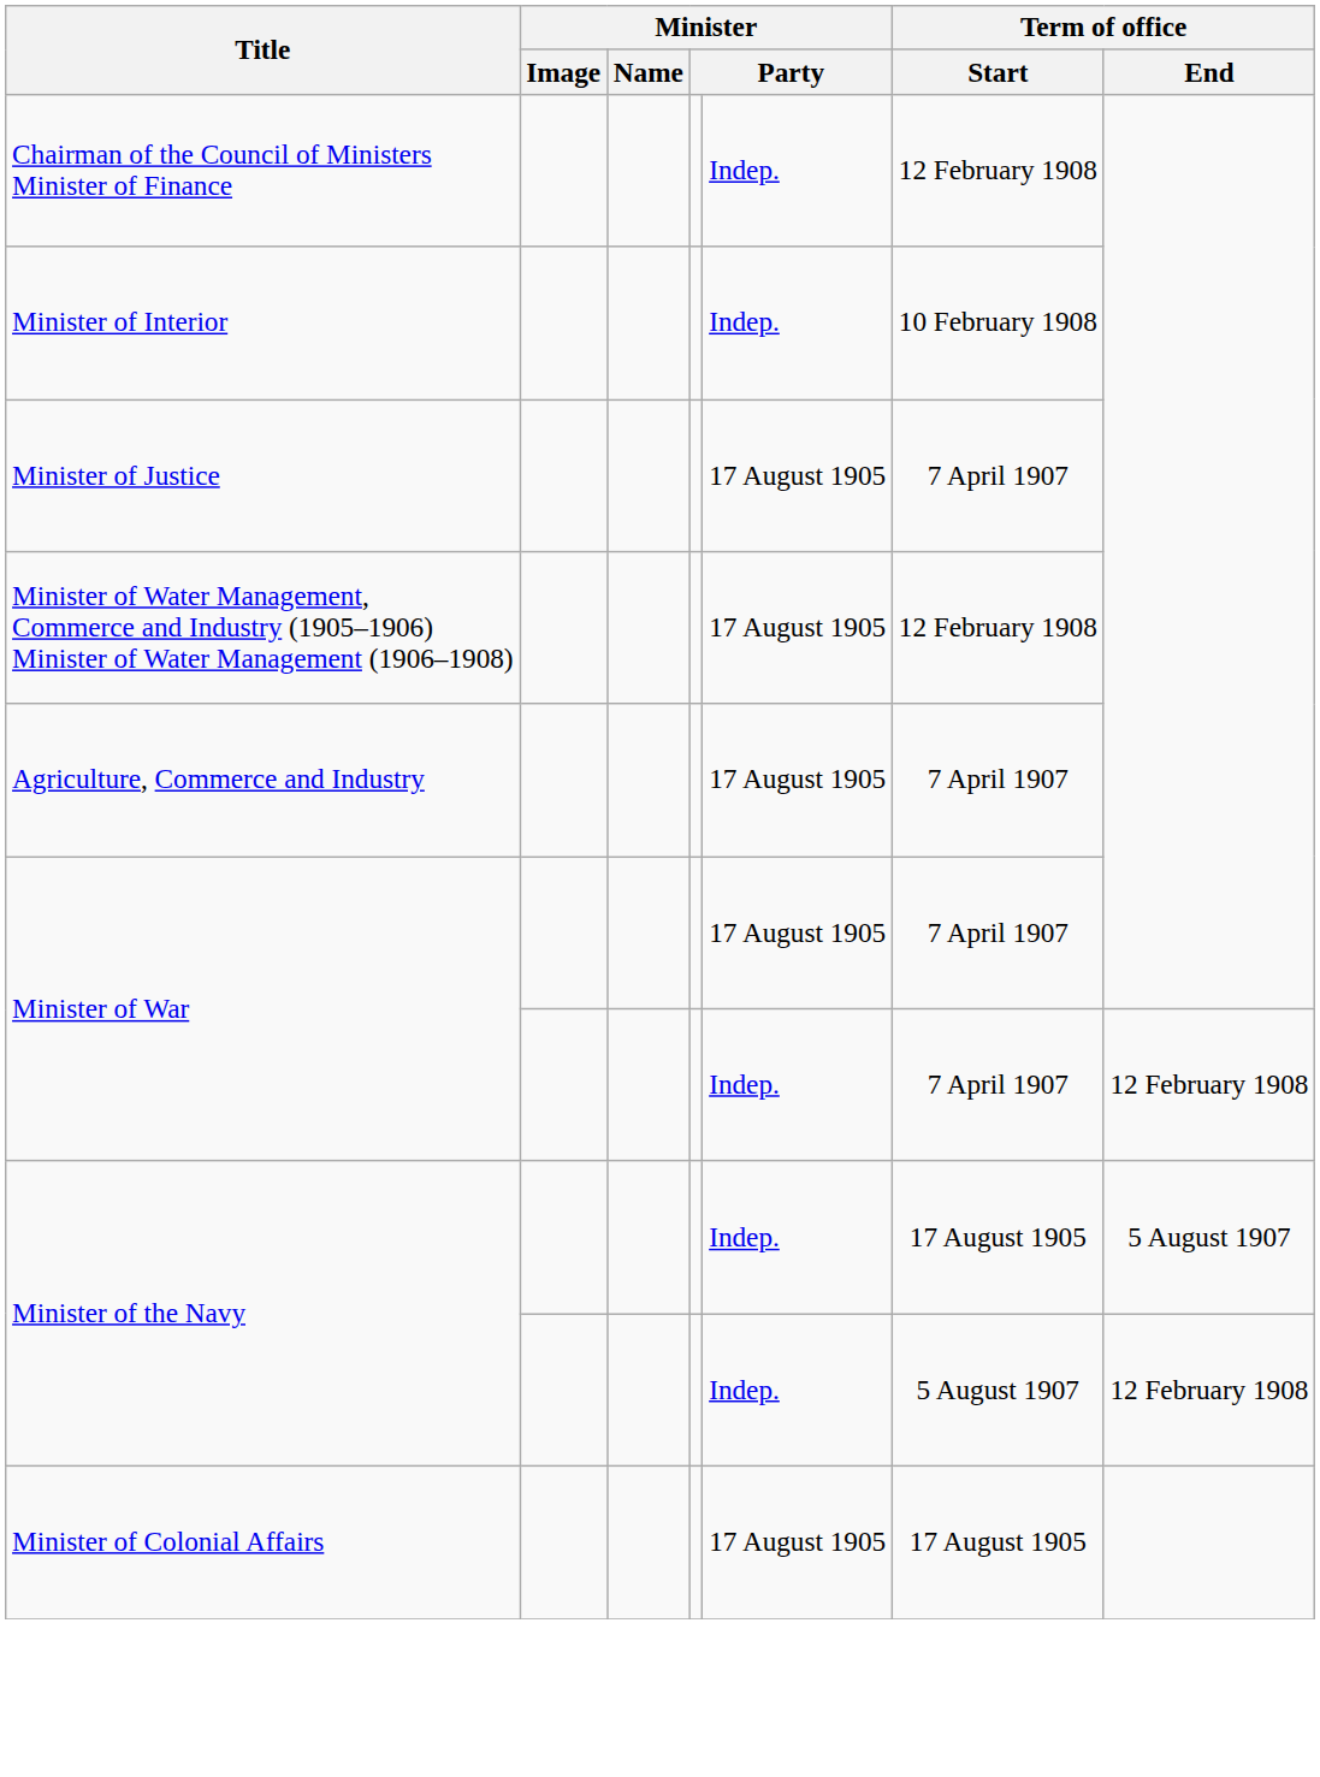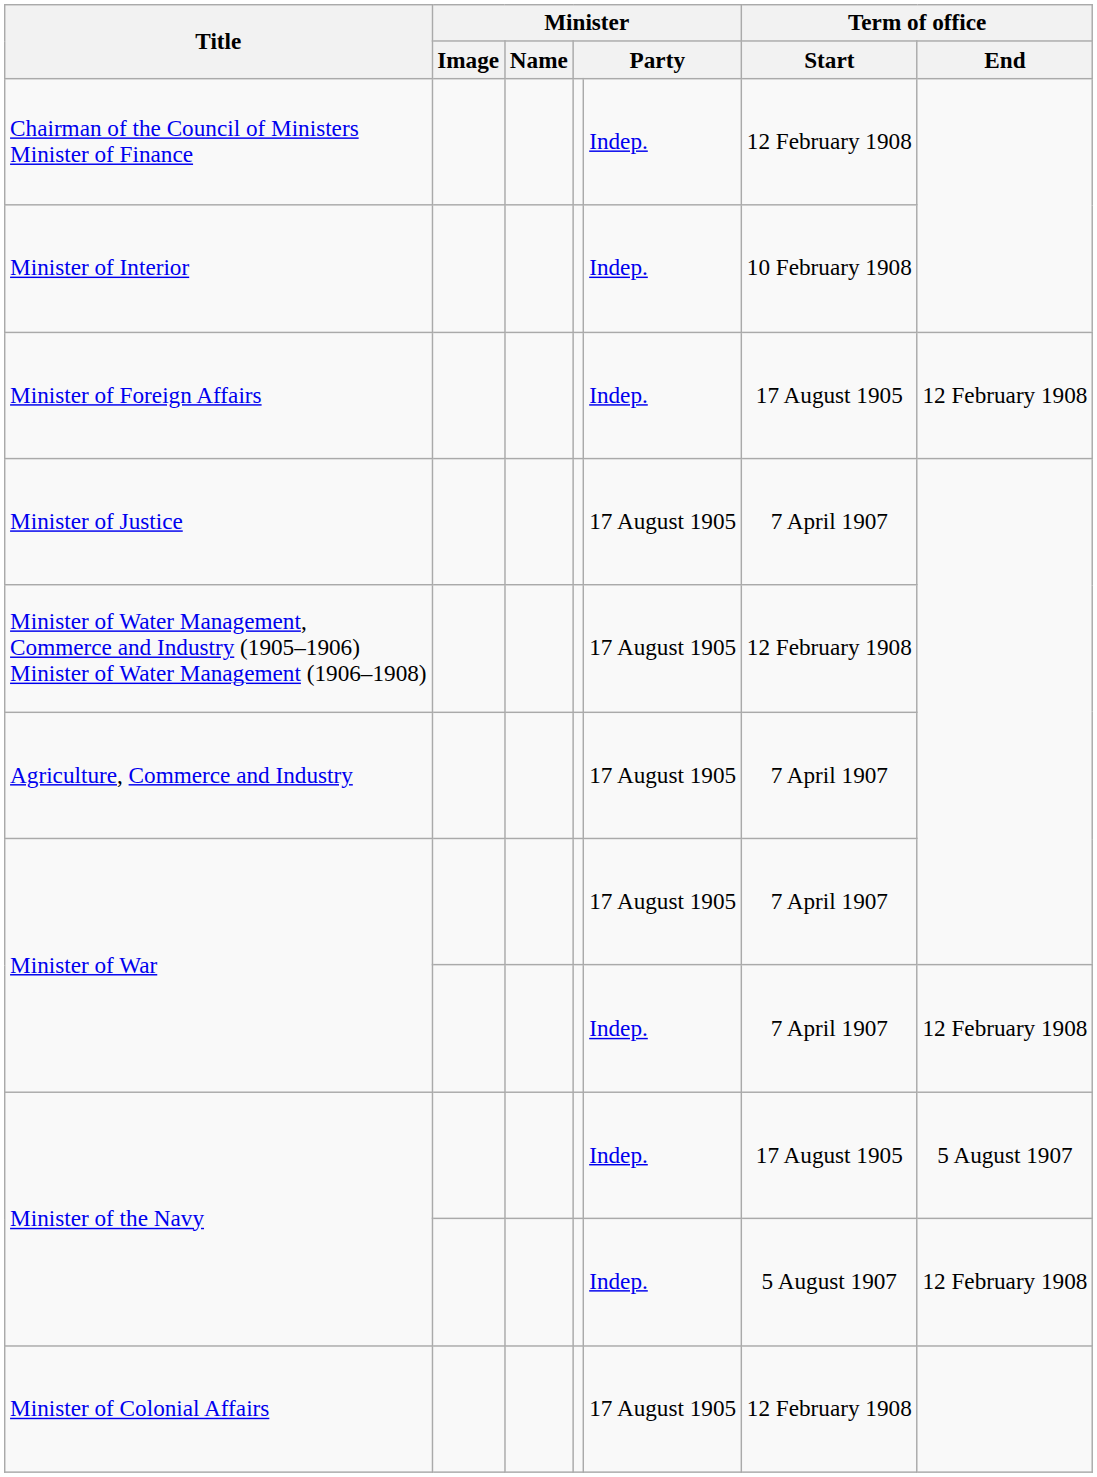 <table class="wikitable sortable" style="text-align:left">
 <tr>
 <th rowspan="2">Title</th>
 <th colspan="4">Minister</th>
 <th colspan="2">Term of office</th>
 </tr>
 <tr>
 <th class="unsortable">Image</th>
 <th>Name</th>
 <th colspan="2">Party</th>
 <th data-sort-type="date">Start</th>
 <th data-sort-type=date>End</th>
 </tr>
 <tr>
 <td><a href='#'>Chairman of the Council of Ministers</a> <br> <a href='#'>Minister of Finance</a></td>
 <td height="80px"></td>
 <td></td>
 <td></td>
 <td><a href='#'>Indep.</a></td>
 <td style="text-align:center">12 February 1908</td>
 </tr>
 <tr>
 <td><a href='#'>Minister of Interior</a></td>
 <td height="80px"></td>
 <td></td>
 <td></td>
 <td><a href='#'>Indep.</a></td>
 <td style="text-align:center">10 February 1908</td>
+</tr>
+<tr>
+<td><a href='#'>Minister of Foreign Affairs</a></td>
+<td height="80px"></td>
+<td></td>
+<td style="background:"></td>
+<td><a href='#'>Indep.</a></td>
+<td style="text-align:center">17 August 1905</td>
+<td style="text-align:center">12 February 1908</td>
 </tr>
 <tr>
 <td><a href='#'>Minister of Justice</a></td>
 <td height="80px"></td>
 <td></td>
 <td></td>
 <td style="text-align:center">17 August 1905</td>
 <td style="text-align:center">7 April 1907</td>
 </tr>
 <tr>
 <td><a href='#'>Minister of Water Management</a>, <br> <a href='#'>Commerce and Industry</a> (1905–1906) <br> <a href='#'>Minister of Water Management</a> (1906–1908)</td>
 <td height="80px"></td>
 <td></td>
 <td></td>
 <td style="text-align:center">17 August 1905</td>
 <td style="text-align:center">12 February 1908</td>
 </tr>
 <tr>
 <td><a href='#'>Agriculture</a>, <a href='#'>Commerce and Industry</a></td>
 <td height="80px"></td>
 <td></td>
 <td></td>
 <td style="text-align:center">17 August 1905</td>
 <td style="text-align:center">7 April 1907</td>
 </tr>
 <tr>
 <td rowspan=2><a href='#'>Minister of War</a></td>
 <td height="80px"></td>
 <td></td>
 <td></td>
 <td style="text-align:center">17 August 1905</td>
 <td style="text-align:center">7 April 1907</td>
 </tr>
 <tr>
 <td height="80px"></td>
 <td></td>
 <td style="background:"></td>
 <td><a href='#'>Indep.</a></td>
 <td style="text-align:center">7 April 1907</td>
 <td style="text-align:center">12 February 1908</td>
 </tr>
 <tr>
 <td rowspan=2><a href='#'>Minister of the Navy</a></td>
 <td height="80px"></td>
 <td></td>
 <td style="background:"></td>
 <td><a href='#'>Indep.</a></td>
 <td style="text-align:center">17 August 1905</td>
 <td style="text-align:center">5 August 1907</td>
 </tr>
 <tr>
 <td height="80px"></td>
 <td></td>
 <td style="background:"></td>
 <td><a href='#'>Indep.</a></td>
 <td style="text-align:center">5 August 1907</td>
 <td style="text-align:center">12 February 1908</td>
 </tr>
 <tr>
 <td><a href='#'>Minister of Colonial Affairs</a></td>
 <td height="80px"></td>
 <td></td>
 <td></td>
 <td style="text-align:center">17 August 1905</td>
-<td style="text-align:center">17 August 1905</td>
+<td style="text-align:center">12 February 1908</td>
 </tr>
 </table>
